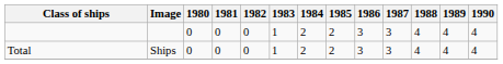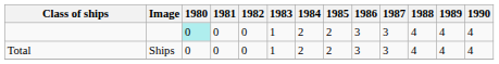 <table class="wikitable sortable collapsible collapsed">
 <tr>
 <th style="width:29%;">Class of ships</th>
 <th>Image</th>
 <th>1980</th>
 <th>1981</th>
 <th>1982</th>
 <th>1983</th>
 <th>1984</th>
 <th>1985</th>
 <th>1986</th>
 <th>1987</th>
 <th>1988</th>
 <th>1989</th>
 <th>1990</th>
 </tr>
 <tr valign="top">
 <td></td>
 <td></td>
-<td>0</td>
+<td style="background: paleturquoise;">0</td>
 <td>0</td>
 <td>0</td>
 <td>1</td>
 <td>2</td>
 <td>2</td>
 <td>3</td>
 <td>3</td>
 <td>4</td>
 <td>4</td>
 <td>4</td>
 </tr>
 <tr valign="top">
 <td>Total</td>
 <td>Ships</td>
 <td>0</td>
 <td>0</td>
 <td>0</td>
 <td>1</td>
 <td>2</td>
 <td>2</td>
 <td>3</td>
 <td>3</td>
 <td>4</td>
 <td>4</td>
 <td>4</td>
 </tr>
 <tr>
 </tr>
 </table>
